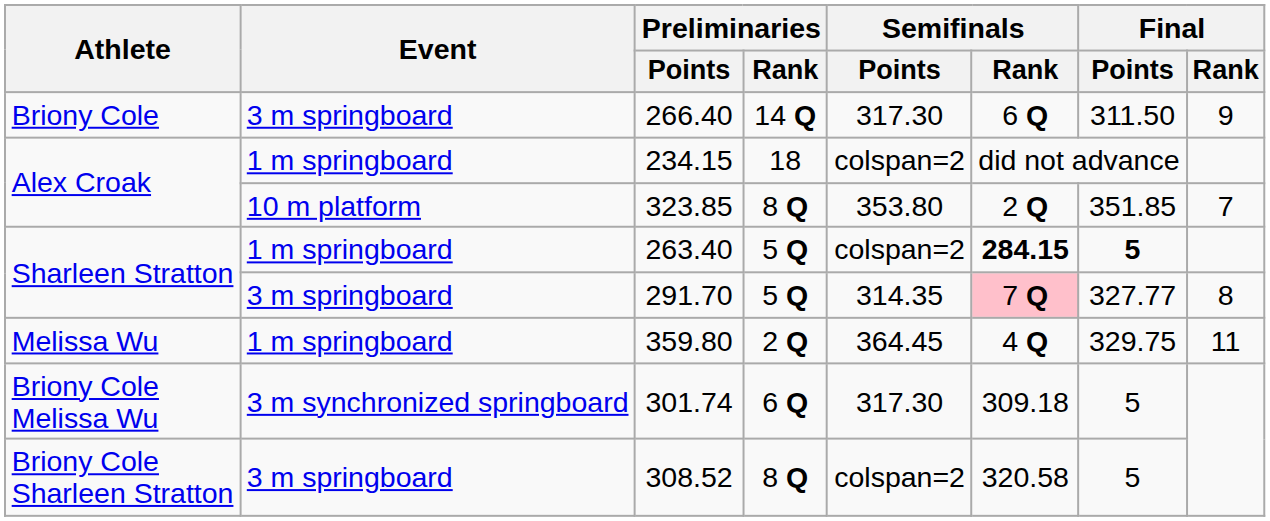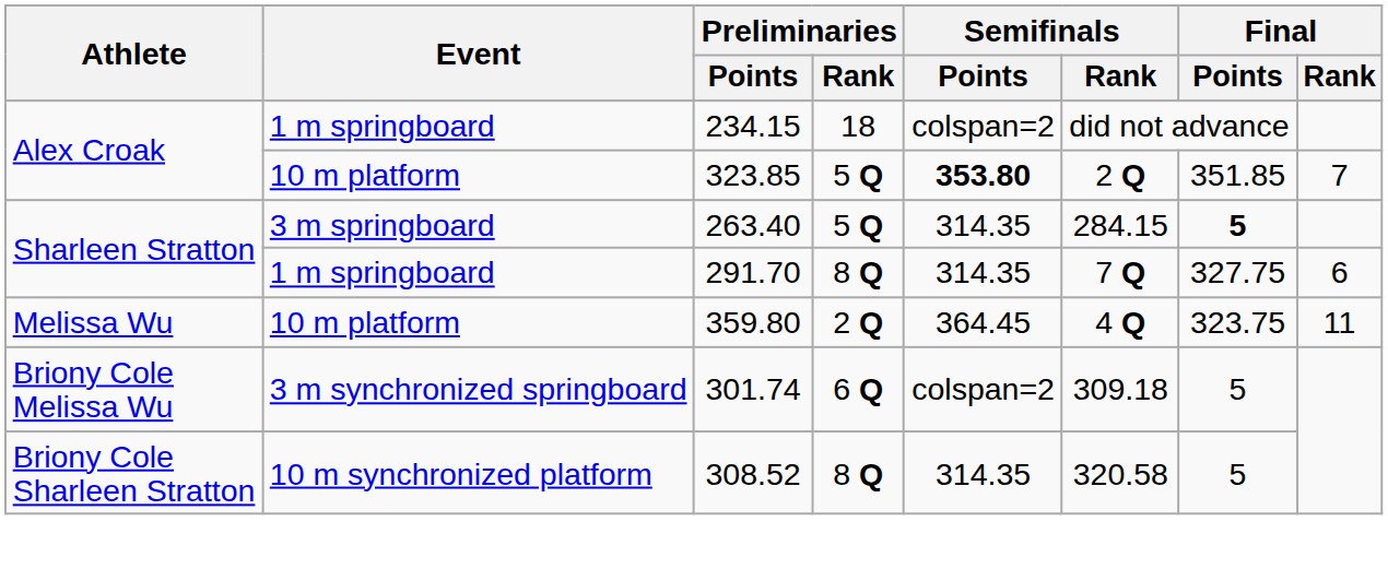 <table class=wikitable style="font-size:90%;">
 <tr>
 <th rowspan="2">Athlete</th>
 <th rowspan="2">Event</th>
 <th colspan="2">Preliminaries</th>
 <th colspan="2">Semifinals</th>
 <th colspan="2">Final</th>
 </tr>
 <tr style="font-size:95%">
 <th>Points</th>
 <th>Rank</th>
 <th>Points</th>
 <th>Rank</th>
 <th>Points</th>
 <th>Rank</th>
 </tr>
 <tr align=center>
-<td align=left><a href='#'>Briony Cole</a></td>
-<td align=left><a href='#'>3 m springboard</a></td>
-<td>266.40</td>
-<td>14 <strong>Q</strong></td>
-<td>317.30</td>
-<td>6 <strong>Q</strong></td>
-<td>311.50</td>
-<td>9</td>
-</tr>
-<tr align=center>
 <td align=left rowspan=2><a href='#'>Alex Croak</a></td>
 <td align=left><a href='#'>1 m springboard</a></td>
 <td>234.15</td>
 <td>18</td>
 <td>colspan=2 </td>
 <td colspan=2>did not advance</td>
 </tr>
 <tr align=center>
 <td align=left><a href='#'>10 m platform</a></td>
 <td>323.85</td>
-<td>8 <strong>Q</strong></td>
-<td>353.80</td>
+<td>5 <strong>Q</strong></td>
+<td><strong>353.80</strong></td>
 <td>2 <strong>Q</strong></td>
 <td>351.85</td>
 <td>7</td>
 </tr>
 <tr align=center>
 <td align=left rowspan=2><a href='#'>Sharleen Stratton</a></td>
-<td align=left><a href='#'>1 m springboard</a></td>
+<td align=left><a href='#'>3 m springboard</a></td>
 <td>263.40</td>
 <td>5 <strong>Q</strong></td>
-<td>colspan=2</td>
-<td><strong>284.15</strong></td>
+<td>314.35</td>
+<td>284.15</td>
 <td><strong>5</strong></td>
 </tr>
 <tr align=center>
-<td align=left><a href='#'>3 m springboard</a></td>
+<td align=left><a href='#'>1 m springboard</a></td>
 <td>291.70</td>
-<td>5 <strong>Q</strong></td>
+<td>8 <strong>Q</strong></td>
 <td>314.35</td>
-<td style="background: pink;">7 <strong>Q</strong></td>
-<td>327.77</td>
-<td>8</td>
+<td>7 <strong>Q</strong></td>
+<td>327.75</td>
+<td>6</td>
 </tr>
 <tr align=center>
 <td align=left><a href='#'>Melissa Wu</a></td>
-<td align=left><a href='#'>1 m springboard</a></td>
+<td align=left><a href='#'>10 m platform</a></td>
 <td>359.80</td>
 <td>2 <strong>Q</strong></td>
 <td>364.45</td>
 <td>4 <strong>Q</strong></td>
-<td>329.75</td>
+<td>323.75</td>
 <td>11</td>
 </tr>
 <tr align=center>
 <td align=left><a href='#'>Briony Cole</a><br><a href='#'>Melissa Wu</a></td>
 <td align=left><a href='#'>3 m synchronized springboard</a></td>
 <td>301.74</td>
 <td>6 <strong>Q</strong></td>
-<td>317.30</td>
+<td>colspan=2 </td>
 <td>309.18</td>
 <td>5</td>
 </tr>
 <tr align=center>
 <td align=left><a href='#'>Briony Cole</a><br><a href='#'>Sharleen Stratton</a></td>
-<td align=left><a href='#'>3 m springboard</a></td>
+<td align=left><a href='#'>10 m synchronized platform</a></td>
 <td>308.52</td>
 <td>8 <strong>Q</strong></td>
-<td>colspan=2 </td>
+<td>314.35</td>
 <td>320.58</td>
 <td>5</td>
 </tr>
 </table>
